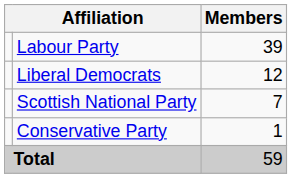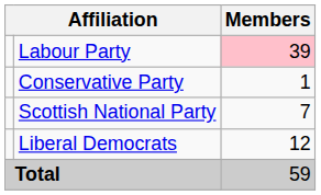 <table class="wikitable">
 <tr>
 <th colspan="2">Affiliation</th>
 <th>Members</th>
 </tr>
 <tr>
 <td style="color:inherit;background:"></td>
 <td><a href='#'>Labour Party</a></td>
-<td align="right">39</td>
+<td align="right" style="background: pink;">39</td>
 </tr>
 <tr>
 <td style="color:inherit;background:"></td>
-<td><a href='#'>Liberal Democrats</a></td>
-<td align="right">12</td>
+<td><a href='#'>Conservative Party</a></td>
+<td align="right">1<br></td>
 </tr>
 <tr>
 <td style="color:inherit;background:"></td>
 <td><a href='#'>Scottish National Party</a></td>
 <td align="right">7</td>
 </tr>
 <tr>
 <td style="color:inherit;background:"></td>
-<td><a href='#'>Conservative Party</a></td>
-<td align="right">1<br></td>
+<td><a href='#'>Liberal Democrats</a></td>
+<td align="right">12</td>
 </tr>
 <tr bgcolor="CCCCCC">
 <td colspan="2" rowspan="1"> <strong>Total</strong></td>
 <td align="right">59</td>
 </tr>
 </table>
